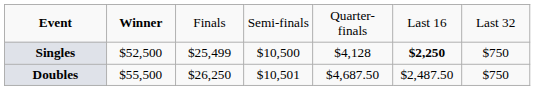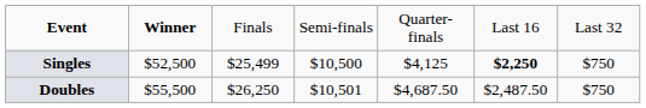 <table class=wikitable style="font-size:90%;text-align:center">
 <tr>
 <td style="width:104px;"><strong>Event</strong></td>
 <td style="width:68px;"><strong>Winner</strong></td>
 <td style="width:68px;">Finals</td>
 <td style="width:68px;">Semi-finals</td>
 <td style="width:80px;">Quarter-finals</td>
 <td style="width:68px;">Last 16</td>
 <td style="width:68px;">Last 32</td>
 </tr>
 <tr>
 <td style="background:#dfe2e9;"><strong>Singles</strong></td>
 <td>$52,500</td>
 <td>$25,499</td>
 <td>$10,500</td>
-<td>$4,128</td>
+<td>$4,125</td>
 <td><strong>$2,250</strong></td>
 <td>$750</td>
 </tr>
 <tr>
 <td style="background:#dfe2e9;"><strong>Doubles</strong></td>
 <td>$55,500</td>
 <td>$26,250</td>
 <td>$10,501</td>
 <td>$4,687.50</td>
 <td>$2,487.50</td>
 <td>$750</td>
 </tr>
 </table>
